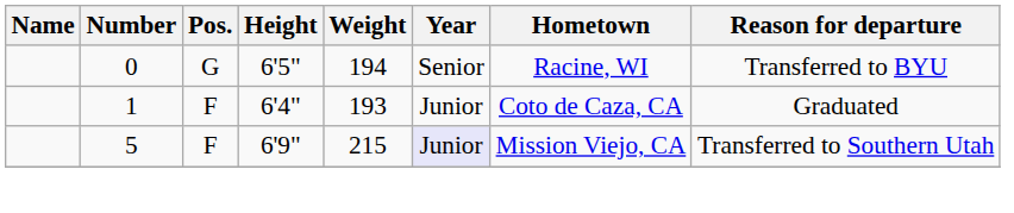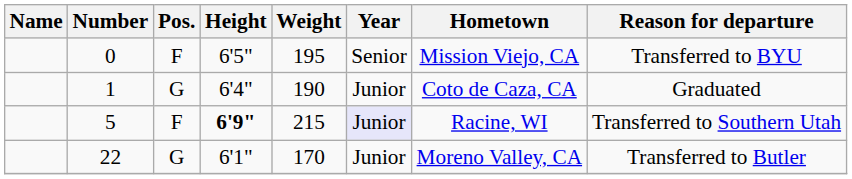 <table class="wikitable sortable" style="text-align: center">
 <tr align=center>
 <th>Name</th>
 <th>Number</th>
 <th>Pos.</th>
 <th>Height</th>
 <th>Weight</th>
 <th>Year</th>
 <th>Hometown</th>
 <th>Reason for departure</th>
 </tr>
 <tr>
 <td></td>
 <td>0</td>
-<td>G</td>
+<td>F</td>
 <td>6'5"</td>
-<td>194</td>
+<td>195</td>
 <td>Senior</td>
-<td><a href='#'>Racine, WI</a></td>
+<td><a href='#'>Mission Viejo, CA</a></td>
 <td>Transferred to <a href='#'>BYU</a></td>
 </tr>
 <tr>
 <td></td>
 <td>1</td>
-<td>F</td>
+<td>G</td>
 <td>6'4"</td>
-<td>193</td>
+<td>190</td>
 <td>Junior</td>
 <td><a href='#'>Coto de Caza, CA</a></td>
 <td>Graduated</td>
 </tr>
 <tr>
 <td></td>
 <td>5</td>
 <td>F</td>
-<td>6'9"</td>
+<td><strong>6'9"</strong></td>
 <td>215</td>
 <td style="background: lavender;">Junior</td>
-<td><a href='#'>Mission Viejo, CA</a></td>
+<td><a href='#'>Racine, WI</a></td>
 <td>Transferred to <a href='#'>Southern Utah</a></td>
+</tr>
+<tr>
+<td></td>
+<td>22</td>
+<td>G</td>
+<td>6'1"</td>
+<td>170</td>
+<td>Junior</td>
+<td><a href='#'>Moreno Valley, CA</a></td>
+<td>Transferred to <a href='#'>Butler</a></td>
 </tr>
 <tr>
 </tr>
 </table>
